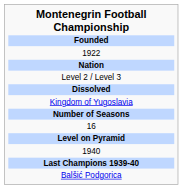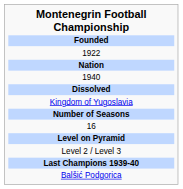 <table class="infobox football" style="width: 16em; text-align: center;">
 <tr>
 <th style="font-size: 16px;">Montenegrin Football Championship</th>
 </tr>
 <tr>
 <td style="font-size: 12px; background: #BFD7FF;"><strong>Founded</strong></td>
 </tr>
 <tr>
 <td style="font-size: 12px;">1922</td>
 </tr>
 <tr>
 <td style="font-size: 12px; background: #BFD7FF;"><strong>Nation</strong></td>
 </tr>
 <tr>
-<td style="font-size: 12px;">Level 2 / Level 3</td>
+<td style="font-size: 12px;">1940</td>
 </tr>
 <tr>
 <td style="font-size: 12px; background: #BFD7FF;"><strong>Dissolved</strong></td>
 </tr>
 <tr>
 <td style="font-size: 12px;"><a href='#'>Kingdom of Yugoslavia</a></td>
 </tr>
 <tr>
 <td style="font-size: 12px; background: #BFD7FF;"><strong>Number of Seasons</strong></td>
 </tr>
 <tr>
 <td style="font-size: 12px;">16</td>
 </tr>
 <tr>
 <td style="font-size: 12px; background: #BFD7FF;"><strong>Level on Pyramid</strong></td>
 </tr>
 <tr>
-<td style="font-size: 12px;">1940</td>
+<td style="font-size: 12px;">Level 2 / Level 3</td>
 </tr>
 <tr>
 <td style="font-size: 12px; background: #BFD7FF;"><strong>Last Champions 1939-40</strong></td>
 </tr>
 <tr>
 <td style="font-size: 12px;"><a href='#'>Balšić Podgorica</a></td>
 </tr>
 </table>
